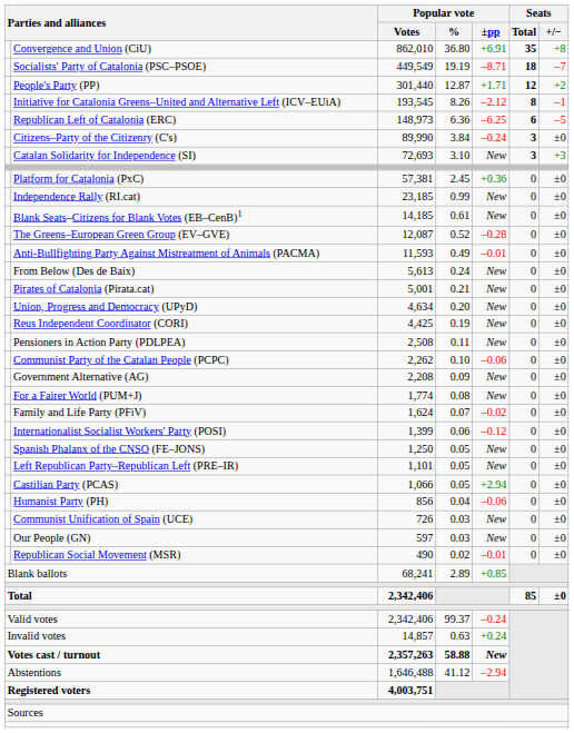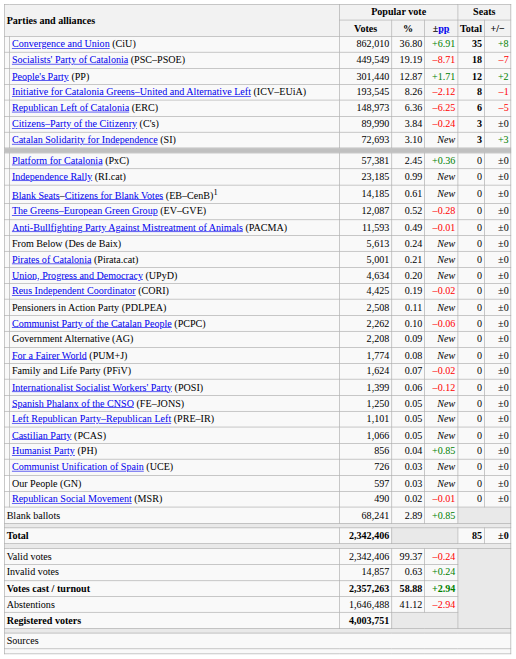 <table class="wikitable" style="text-align:right;">
 <tr>
 <th style="text-align:left;" rowspan="2" colspan="2" width="525">Parties and alliances</th>
 <th colspan="3">Popular vote</th>
 <th colspan="2">Seats</th>
 </tr>
 <tr>
 <th width="75">Votes</th>
 <th width="45">%</th>
 <th width="45">±<a href='#'>pp</a></th>
 <th width="35">Total</th>
 <th width="35">+/−</th>
 </tr>
 <tr>
 <td width="1" style="color:inherit;background:"></td>
 <td align="left"><a href='#'>Convergence and Union</a> (CiU)</td>
 <td>862,010</td>
 <td>36.80</td>
 <td style="color:green;">+6.91</td>
 <td><strong>35</strong></td>
 <td style="color:green;">+8</td>
 </tr>
 <tr>
 <td style="color:inherit;background:"></td>
 <td align="left"><a href='#'>Socialists' Party of Catalonia</a> (PSC–PSOE)</td>
 <td>449,549</td>
 <td>19.19</td>
 <td style="color:red;">–8.71</td>
 <td><strong>18</strong></td>
 <td style="color:red;">–7</td>
 </tr>
 <tr>
 <td style="color:inherit;background:"></td>
 <td align="left"><a href='#'>People's Party</a> (PP)</td>
 <td>301,440</td>
 <td>12.87</td>
 <td style="color:green;">+1.71</td>
 <td><strong>12</strong></td>
 <td style="color:green;">+2</td>
 </tr>
 <tr>
 <td style="color:inherit;background:"></td>
 <td align="left"><a href='#'>Initiative for Catalonia Greens–United and Alternative Left</a> (ICV–EUiA)</td>
 <td>193,545</td>
 <td>8.26</td>
 <td style="color:red;">–2.12</td>
 <td><strong>8</strong></td>
 <td style="color:red;">–1</td>
 </tr>
 <tr>
 <td style="color:inherit;background:"></td>
 <td align="left"><a href='#'>Republican Left of Catalonia</a> (ERC)</td>
 <td>148,973</td>
 <td>6.36</td>
 <td style="color:red;">–6.25</td>
 <td><strong>6</strong></td>
 <td style="color:red;">–5</td>
 </tr>
 <tr>
 <td style="color:inherit;background:"></td>
 <td align="left"><a href='#'>Citizens–Party of the Citizenry</a> (C's)</td>
 <td>89,990</td>
 <td>3.84</td>
 <td style="color:red;">–0.24</td>
 <td><strong>3</strong></td>
 <td>±0</td>
 </tr>
 <tr>
 <td style="color:inherit;background:"></td>
 <td align="left"><a href='#'>Catalan Solidarity for Independence</a> (SI)</td>
 <td>72,693</td>
 <td>3.10</td>
 <td><em>New</em></td>
 <td><strong>3</strong></td>
 <td style="color:green;">+3</td>
 </tr>
 <tr>
 <td colspan="7" bgcolor="#C0C0C0"></td>
 </tr>
 <tr>
 <td style="color:inherit;background:"></td>
 <td align="left"><a href='#'>Platform for Catalonia</a> (PxC)</td>
 <td>57,381</td>
 <td>2.45</td>
 <td style="color:green;">+0.36</td>
 <td>0</td>
 <td>±0</td>
 </tr>
 <tr>
 <td style="color:inherit;background:"></td>
 <td align="left"><a href='#'>Independence Rally</a> (RI.cat)</td>
 <td>23,185</td>
 <td>0.99</td>
 <td><em>New</em></td>
 <td>0</td>
 <td>±0</td>
 </tr>
 <tr>
 <td style="color:inherit;background:"></td>
 <td align="left"><a href='#'>Blank Seats</a>–<a href='#'>Citizens for Blank Votes</a> (EB–CenB)<sup>1</sup></td>
 <td>14,185</td>
 <td>0.61</td>
 <td><em>New</em></td>
 <td>0</td>
 <td>±0</td>
 </tr>
 <tr>
 <td style="color:inherit;background:"></td>
 <td align="left"><a href='#'>The Greens–European Green Group</a> (EV–GVE)</td>
 <td>12,087</td>
 <td>0.52</td>
 <td style="color:red;">–0.28</td>
 <td>0</td>
 <td>±0</td>
 </tr>
 <tr>
 <td style="color:inherit;background:"></td>
 <td align="left"><a href='#'>Anti-Bullfighting Party Against Mistreatment of Animals</a> (PACMA)</td>
 <td>11,593</td>
 <td>0.49</td>
 <td style="color:red;">–0.01</td>
 <td>0</td>
 <td>±0</td>
 </tr>
 <tr>
 <td style="color:inherit;background:"></td>
 <td align="left">From Below (Des de Baix)</td>
 <td>5,613</td>
 <td>0.24</td>
 <td><em>New</em></td>
 <td>0</td>
 <td>±0</td>
 </tr>
 <tr>
 <td style="color:inherit;background:"></td>
 <td align="left"><a href='#'>Pirates of Catalonia</a> (Pirata.cat)</td>
 <td>5,001</td>
 <td>0.21</td>
 <td><em>New</em></td>
 <td>0</td>
 <td>±0</td>
 </tr>
 <tr>
 <td style="color:inherit;background:"></td>
 <td align="left"><a href='#'>Union, Progress and Democracy</a> (UPyD)</td>
 <td>4,634</td>
 <td>0.20</td>
 <td><em>New</em></td>
 <td>0</td>
 <td>±0</td>
 </tr>
 <tr>
 <td style="color:inherit;background:"></td>
 <td align="left"><a href='#'>Reus Independent Coordinator</a> (CORI)</td>
 <td>4,425</td>
 <td>0.19</td>
-<td><em>New</em></td>
+<td style="color:red;">–0.02</td>
 <td>0</td>
 <td>±0</td>
 </tr>
 <tr>
 <td style="color:inherit;background:"></td>
 <td align="left">Pensioners in Action Party (PDLPEA)</td>
 <td>2,508</td>
 <td>0.11</td>
 <td><em>New</em></td>
 <td>0</td>
 <td>±0</td>
 </tr>
 <tr>
 <td style="color:inherit;background:"></td>
 <td align="left"><a href='#'>Communist Party of the Catalan People</a> (PCPC)</td>
 <td>2,262</td>
 <td>0.10</td>
 <td style="color:red;">–0.06</td>
 <td>0</td>
 <td>±0</td>
 </tr>
 <tr>
 <td style="color:inherit;background:"></td>
 <td align="left">Government Alternative (AG)</td>
 <td>2,208</td>
 <td>0.09</td>
 <td><em>New</em></td>
 <td>0</td>
 <td>±0</td>
 </tr>
 <tr>
 <td style="color:inherit;background:"></td>
 <td align="left"><a href='#'>For a Fairer World</a> (PUM+J)</td>
 <td>1,774</td>
 <td>0.08</td>
 <td><em>New</em></td>
 <td>0</td>
 <td>±0</td>
 </tr>
 <tr>
 <td style="color:inherit;background:"></td>
 <td align="left">Family and Life Party (PFiV)</td>
 <td>1,624</td>
 <td>0.07</td>
 <td style="color:red;">–0.02</td>
 <td>0</td>
 <td>±0</td>
 </tr>
 <tr>
 <td style="color:inherit;background:"></td>
 <td align="left"><a href='#'>Internationalist Socialist Workers' Party</a> (POSI)</td>
 <td>1,399</td>
 <td>0.06</td>
 <td style="color:red;">–0.12</td>
 <td>0</td>
 <td>±0</td>
 </tr>
 <tr>
 <td style="color:inherit;background:"></td>
 <td align="left"><a href='#'>Spanish Phalanx of the CNSO</a> (FE–JONS)</td>
 <td>1,250</td>
 <td>0.05</td>
 <td><em>New</em></td>
 <td>0</td>
 <td>±0</td>
 </tr>
 <tr>
 <td style="color:inherit;background:"></td>
 <td align="left"><a href='#'>Left Republican Party–Republican Left</a> (PRE–IR)</td>
 <td>1,101</td>
 <td>0.05</td>
 <td><em>New</em></td>
 <td>0</td>
 <td>±0</td>
 </tr>
 <tr>
 <td style="color:inherit;background:"></td>
 <td align="left"><a href='#'>Castilian Party</a> (PCAS)</td>
 <td>1,066</td>
 <td>0.05</td>
-<td style="color:green;">+2.94</td>
+<td><em>New</em></td>
 <td>0</td>
 <td>±0</td>
 </tr>
 <tr>
 <td style="color:inherit;background:"></td>
 <td align="left"><a href='#'>Humanist Party</a> (PH)</td>
 <td>856</td>
 <td>0.04</td>
-<td style="color:red;">–0.06</td>
+<td style="color:green;">+0.85</td>
 <td>0</td>
 <td>±0</td>
 </tr>
 <tr>
 <td style="color:inherit;background:"></td>
 <td align="left"><a href='#'>Communist Unification of Spain</a> (UCE)</td>
 <td>726</td>
 <td>0.03</td>
 <td><em>New</em></td>
 <td>0</td>
 <td>±0</td>
 </tr>
 <tr>
 <td bgcolor="white"></td>
 <td align="left">Our People (GN)</td>
 <td>597</td>
 <td>0.03</td>
 <td><em>New</em></td>
 <td>0</td>
 <td>±0</td>
 </tr>
 <tr>
 <td style="color:inherit;background:"></td>
 <td align="left"><a href='#'>Republican Social Movement</a> (MSR)</td>
 <td>490</td>
 <td>0.02</td>
 <td style="color:red;">–0.01</td>
 <td>0</td>
 <td>±0</td>
 </tr>
 <tr>
 <td align="left" colspan="2">Blank ballots</td>
 <td>68,241</td>
 <td>2.89</td>
 <td style="color:green;">+0.85</td>
 <td bgcolor="#E9E9E9" colspan="2"></td>
 </tr>
 <tr>
 <td colspan="7" bgcolor="#E9E9E9"></td>
 </tr>
 <tr style="font-weight:bold;">
 <td align="left" colspan="2">Total</td>
 <td>2,342,406</td>
 <td bgcolor="#E9E9E9" colspan="2"></td>
 <td>85</td>
 <td>±0</td>
 </tr>
 <tr>
 <td colspan="7" bgcolor="#E9E9E9"></td>
 </tr>
 <tr>
 <td align="left" colspan="2">Valid votes</td>
 <td>2,342,406</td>
 <td>99.37</td>
 <td style="color:red;">–0.24</td>
 <td bgcolor="#E9E9E9" colspan="2" rowspan="5"></td>
 </tr>
 <tr>
 <td align="left" colspan="2">Invalid votes</td>
 <td>14,857</td>
 <td>0.63</td>
 <td style="color:green;">+0.24</td>
 </tr>
 <tr style="font-weight:bold;">
 <td align="left" colspan="2">Votes cast / turnout</td>
 <td>2,357,263</td>
 <td>58.88</td>
-<td><em>New</em></td>
+<td style="color:green;">+2.94</td>
 </tr>
 <tr>
 <td align="left" colspan="2">Abstentions</td>
 <td>1,646,488</td>
 <td>41.12</td>
 <td style="color:red;">–2.94</td>
 </tr>
 <tr style="font-weight:bold;">
 <td align="left" colspan="2">Registered voters</td>
 <td>4,003,751</td>
 <td bgcolor="#E9E9E9" colspan="2"></td>
 </tr>
 <tr>
 <td colspan="7" bgcolor="#E9E9E9"></td>
 </tr>
 <tr>
 <td align="left" colspan="7">Sources</td>
 </tr>
 <tr>
 <td colspan="7" style="text-align:left; max-width:790px;"></td>
 </tr>
 </table>
